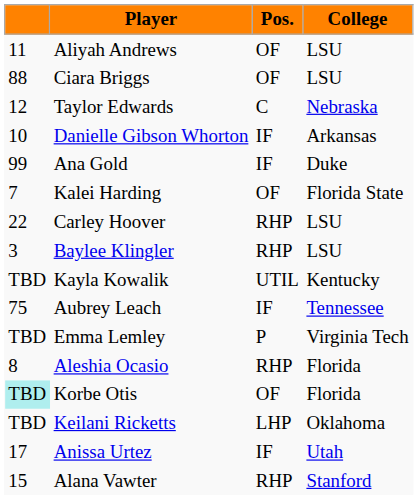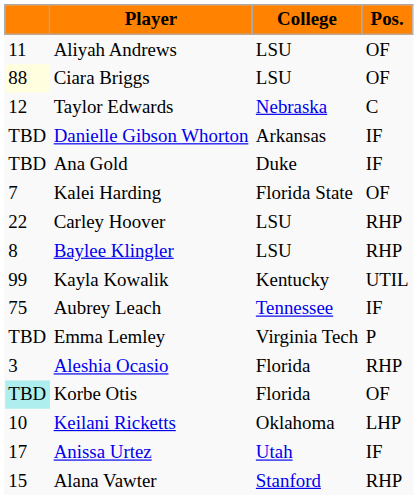 <table class="wikitable" style="border:none;">
 <tr>
 <th style="background:#FF8200; color:#000; "></th>
 <th style="background:#FF8200; color:#000; ">Player</th>
+<th style="background:#FF8200; color:#000; ">College</th>
 <th style="background:#FF8200; color:#000; ">Pos.</th>
-<th style="background:#FF8200; color:#000; ">College</th>
 </tr>
 <tr>
 <td style="border:none">11</td>
 <td style="border:none; text-align:left">Aliyah Andrews</td>
+<td style="border:none; text-align:left">LSU</td>
 <td style="border:none">OF</td>
-<td style="border:none; text-align:left">LSU</td>
 </tr>
 <tr>
-<td style="border:none">88</td>
+<td style="background: lightyellow; border:none">88</td>
 <td style="border:none; text-align:left">Ciara Briggs</td>
+<td style="border:none; text-align:left">LSU</td>
 <td style="border:none">OF</td>
-<td style="border:none; text-align:left">LSU</td>
 </tr>
 <tr>
 <td style="border:none">12</td>
 <td style="border:none; text-align:left">Taylor Edwards</td>
+<td style="border:none; text-align:left"><a href='#'>Nebraska</a></td>
 <td style="border:none">C</td>
-<td style="border:none; text-align:left"><a href='#'>Nebraska</a></td>
 </tr>
 <tr>
-<td style="border:none">10</td>
+<td style="border:none">TBD</td>
 <td style="border:none; text-align:left"><a href='#'>Danielle Gibson Whorton</a></td>
+<td style="border:none; text-align:left">Arkansas</td>
 <td style="border:none">IF</td>
-<td style="border:none; text-align:left">Arkansas</td>
 </tr>
 <tr>
-<td style="border:none">99</td>
+<td style="border:none">TBD</td>
 <td style="border:none; text-align:left">Ana Gold</td>
+<td style="border:none; text-align:left">Duke</td>
 <td style="border:none">IF</td>
-<td style="border:none; text-align:left">Duke</td>
 </tr>
 <tr>
 <td style="border:none">7</td>
 <td style="border:none; text-align:left">Kalei Harding</td>
+<td style="border:none; text-align:left">Florida State</td>
 <td style="border:none">OF</td>
-<td style="border:none; text-align:left">Florida State</td>
 </tr>
 <tr>
 <td style="border:none">22</td>
 <td style="border:none; text-align:left">Carley Hoover</td>
+<td style="border:none; text-align:left">LSU</td>
 <td style="border:none">RHP</td>
-<td style="border:none; text-align:left">LSU</td>
 </tr>
 <tr>
-<td style="border:none">3</td>
+<td style="border:none">8</td>
 <td style="border:none; text-align:left"><a href='#'>Baylee Klingler</a></td>
+<td style="border:none; text-align:left">LSU</td>
 <td style="border:none">RHP</td>
-<td style="border:none; text-align:left">LSU</td>
 </tr>
 <tr>
-<td style="border:none">TBD</td>
+<td style="border:none">99</td>
 <td style="border:none; text-align:left">Kayla Kowalik</td>
+<td style="border:none; text-align:left">Kentucky</td>
 <td style="border:none">UTIL</td>
-<td style="border:none; text-align:left">Kentucky</td>
 </tr>
 <tr>
 <td style="border:none">75</td>
 <td style="border:none; text-align:left">Aubrey Leach</td>
+<td style="border:none; text-align:left"><a href='#'>Tennessee</a></td>
 <td style="border:none">IF</td>
-<td style="border:none; text-align:left"><a href='#'>Tennessee</a></td>
 </tr>
 <tr>
 <td style="border:none">TBD</td>
 <td style="border:none; text-align:left">Emma Lemley</td>
+<td style="border:none; text-align:left">Virginia Tech</td>
 <td style="border:none">P</td>
-<td style="border:none; text-align:left">Virginia Tech</td>
 </tr>
 <tr>
-<td style="border:none">8</td>
+<td style="border:none">3</td>
 <td style="border:none; text-align:left"><a href='#'>Aleshia Ocasio</a></td>
+<td style="border:none; text-align:left">Florida</td>
 <td style="border:none">RHP</td>
-<td style="border:none; text-align:left">Florida</td>
 </tr>
 <tr>
 <td style="background: paleturquoise; border:none">TBD</td>
 <td style="border:none; text-align:left">Korbe Otis</td>
+<td style="border:none; text-align:left">Florida</td>
 <td style="border:none">OF</td>
-<td style="border:none; text-align:left">Florida</td>
 </tr>
 <tr>
-<td style="border:none">TBD</td>
+<td style="border:none">10</td>
 <td style="border:none; text-align:left"><a href='#'>Keilani Ricketts</a></td>
+<td style="border:none; text-align:left">Oklahoma</td>
 <td style="border:none">LHP</td>
-<td style="border:none; text-align:left">Oklahoma</td>
 </tr>
 <tr>
 <td style="border:none">17</td>
 <td style="border:none; text-align:left"><a href='#'>Anissa Urtez</a></td>
+<td style="border:none; text-align:left"><a href='#'>Utah</a></td>
 <td style="border:none">IF</td>
-<td style="border:none; text-align:left"><a href='#'>Utah</a></td>
 </tr>
 <tr>
 <td style="border:none">15</td>
 <td style="border:none; text-align:left">Alana Vawter</td>
+<td style="border:none; text-align:left"><a href='#'>Stanford</a></td>
 <td style="border:none">RHP</td>
-<td style="border:none; text-align:left"><a href='#'>Stanford</a></td>
 </tr>
 </table>
